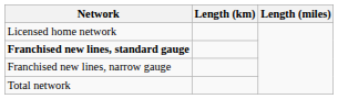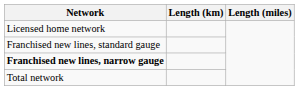 <table class="wikitable" style=text-align:right>
 <tr>
 <th>Network</th>
 <th>Length (km)</th>
 <th>Length (miles)</th>
 </tr>
 <tr>
 <td align=left>Licensed home network</td>
 <td></td>
 </tr>
 <tr>
-<td align=left><strong>Franchised new lines, standard gauge</strong></td>
+<td align=left>Franchised new lines, standard gauge</td>
 <td></td>
 </tr>
 <tr>
-<td align=left>Franchised new lines, narrow gauge</td>
+<td align=left><strong>Franchised new lines, narrow gauge</strong></td>
 <td></td>
 </tr>
 <tr>
 <td align=left>Total network</td>
 <td></td>
 </tr>
 </table>
